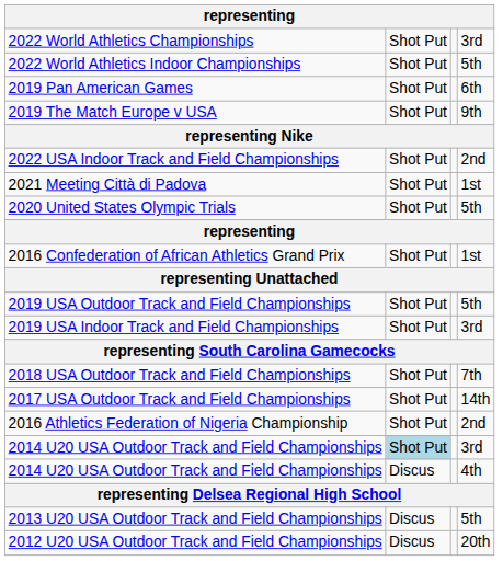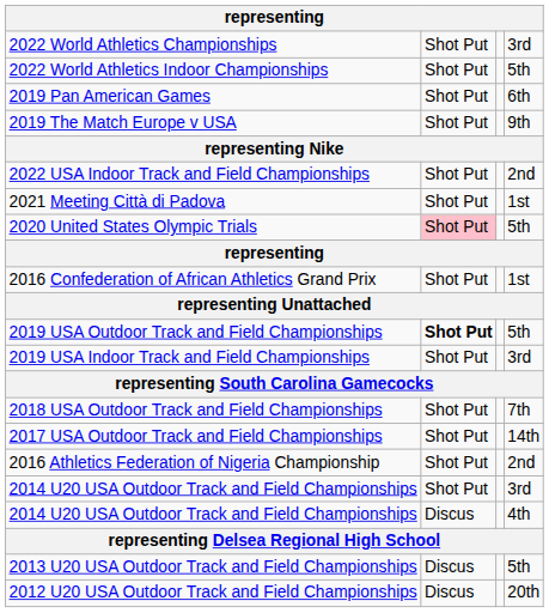 <table class="wikitable sortable">
 <tr>
 <th colspan="6">representing </th>
 </tr>
 <tr>
 <td><a href='#'>2022 World Athletics Championships</a></td>
 <td>Shot Put</td>
 <td></td>
 <td> 3rd</td>
 </tr>
 <tr>
 <td><a href='#'>2022 World Athletics Indoor Championships</a></td>
 <td>Shot Put</td>
 <td></td>
 <td>5th</td>
 </tr>
 <tr>
 <td><a href='#'>2019 Pan American Games</a></td>
 <td>Shot Put</td>
 <td></td>
 <td>6th</td>
 </tr>
 <tr>
 <td><a href='#'>2019 The Match Europe v USA</a></td>
 <td>Shot Put</td>
 <td></td>
 <td>9th</td>
 </tr>
 <tr>
 <th colspan="6">representing Nike</th>
 </tr>
 <tr>
 <td><a href='#'>2022 USA Indoor Track and Field Championships</a></td>
 <td>Shot Put</td>
 <td></td>
 <td> 2nd</td>
 </tr>
 <tr>
 <td>2021 <a href='#'>Meeting Città di Padova</a></td>
 <td>Shot Put</td>
 <td></td>
 <td> 1st</td>
 </tr>
 <tr>
 <td><a href='#'>2020 United States Olympic Trials</a></td>
-<td>Shot Put</td>
+<td style="background: pink;">Shot Put</td>
 <td></td>
 <td>5th</td>
 </tr>
 <tr>
 <th colspan="6">representing </th>
 </tr>
 <tr>
 <td>2016 <a href='#'>Confederation of African Athletics</a> Grand Prix</td>
 <td>Shot Put</td>
 <td></td>
 <td> 1st</td>
 </tr>
 <tr>
 <th colspan="6">representing Unattached</th>
 </tr>
 <tr>
 <td><a href='#'>2019 USA Outdoor Track and Field Championships</a></td>
-<td>Shot Put</td>
+<td><strong>Shot Put</strong></td>
 <td></td>
 <td>5th</td>
 </tr>
 <tr>
 <td><a href='#'>2019 USA Indoor Track and Field Championships</a></td>
 <td>Shot Put</td>
 <td></td>
 <td> 3rd</td>
 </tr>
 <tr>
 <th colspan="6">representing <a href='#'>South Carolina Gamecocks</a></th>
 </tr>
 <tr>
 <td><a href='#'>2018 USA Outdoor Track and Field Championships</a></td>
 <td>Shot Put</td>
 <td></td>
 <td>7th</td>
 </tr>
 <tr>
 <td><a href='#'>2017 USA Outdoor Track and Field Championships</a></td>
 <td>Shot Put</td>
 <td></td>
 <td>14th</td>
 </tr>
 <tr>
 <td>2016 <a href='#'>Athletics Federation of Nigeria</a> Championship</td>
 <td>Shot Put</td>
 <td></td>
 <td> 2nd</td>
 </tr>
 <tr>
 <td><a href='#'>2014 U20 USA Outdoor Track and Field Championships</a></td>
-<td style="background: lightblue;">Shot Put</td>
+<td>Shot Put</td>
 <td></td>
 <td> 3rd</td>
 </tr>
 <tr>
 <td><a href='#'>2014 U20 USA Outdoor Track and Field Championships</a></td>
 <td>Discus</td>
 <td></td>
 <td>4th</td>
 </tr>
 <tr>
 <th colspan="6">representing <a href='#'>Delsea Regional High School</a></th>
 </tr>
 <tr>
 <td><a href='#'>2013 U20 USA Outdoor Track and Field Championships</a></td>
 <td>Discus</td>
 <td></td>
 <td>5th</td>
 </tr>
 <tr>
 <td><a href='#'>2012 U20 USA Outdoor Track and Field Championships</a></td>
 <td>Discus</td>
 <td></td>
 <td>20th</td>
 </tr>
 </table>
